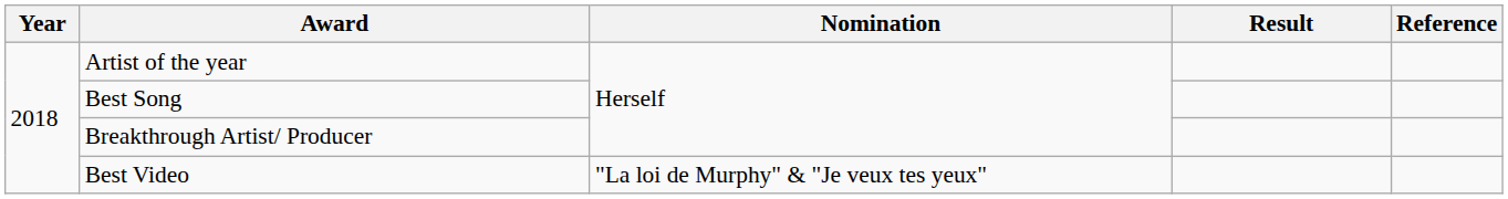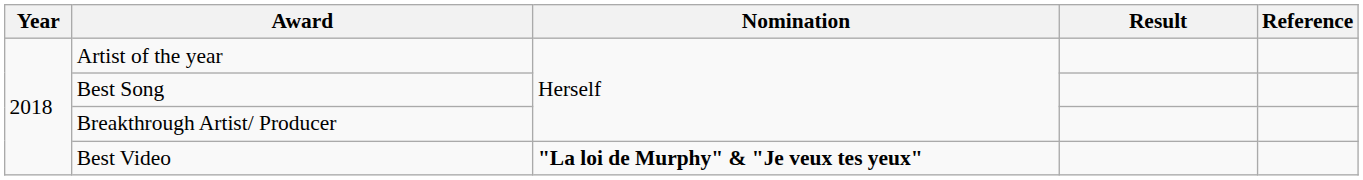 <table class="wikitable" style="width:80%;">
 <tr>
 <th width=5%>Year</th>
 <th style="width:35%;">Award</th>
 <th style="width:40%;">Nomination</th>
 <th style="width:15%;">Result</th>
 <th style="width:5%;">Reference</th>
 </tr>
 <tr>
 <td rowspan="5">2018</td>
 <td>Artist of the year</td>
 <td rowspan="3">Herself</td>
 <td></td>
 <td></td>
 </tr>
 <tr>
 <td>Best Song</td>
 <td></td>
 <td></td>
 </tr>
 <tr>
 <td>Breakthrough Artist/ Producer</td>
 <td></td>
 <td></td>
 </tr>
 <tr>
 <td>Best Video</td>
-<td>"La loi de Murphy" & "Je veux tes yeux"</td>
+<td><strong>"La loi de Murphy" & "Je veux tes yeux"</strong></td>
 <td></td>
 <td></td>
 </tr>
 </table>
